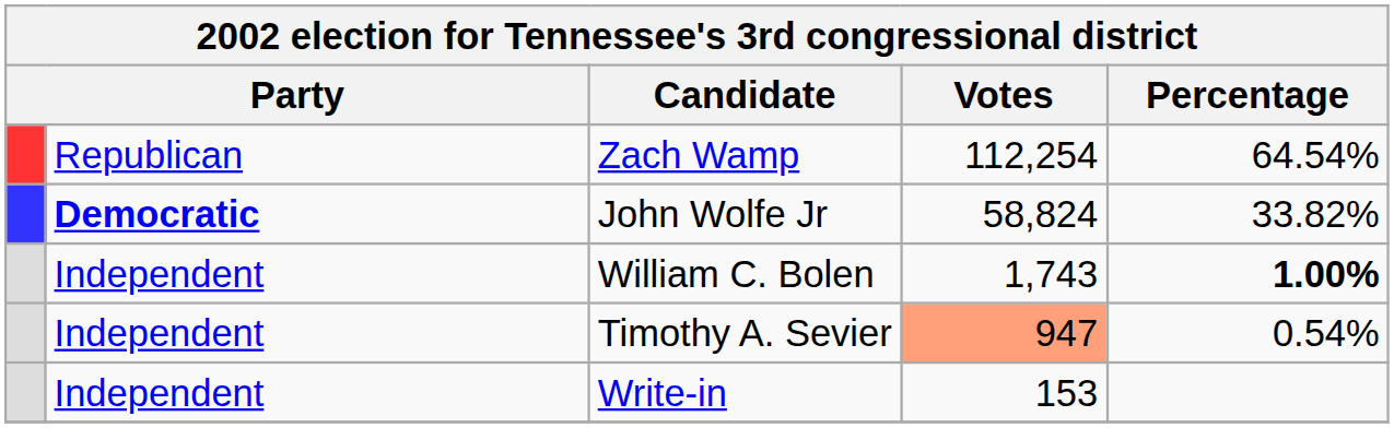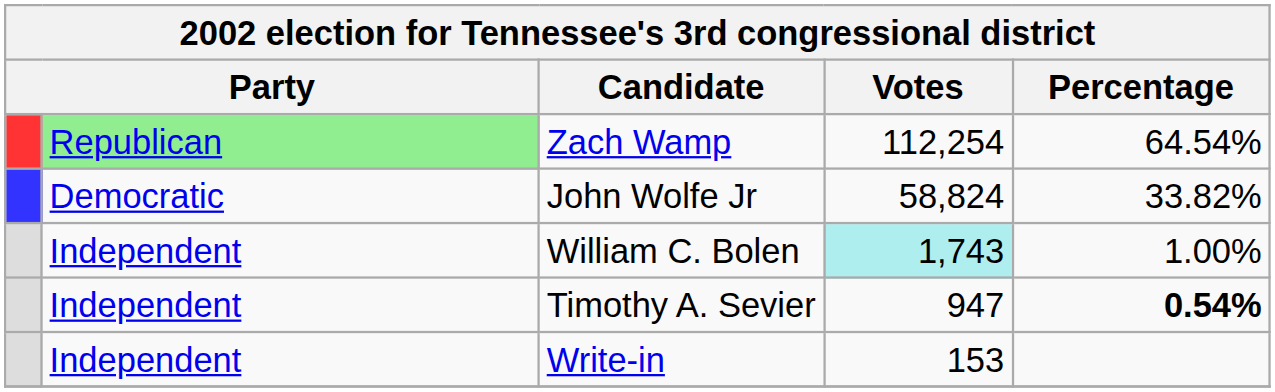 <table class="wikitable" style="font-size: 95%;">
 <tr>
 <th colspan="7">2002 election for Tennessee's 3rd congressional district</th>
 </tr>
 <tr>
 <th colspan=2 style="width: 15em">Party</th>
 <th>Candidate</th>
 <th style="width: 5em">Votes</th>
 <th style="width: 7em">Percentage</th>
 </tr>
 <tr>
 <th style="background-color:#FF3333; width: 3px"></th>
-<td style="width: 130px"><a href='#'>Republican</a></td>
+<td style="background: lightgreen; width: 130px"><a href='#'>Republican</a></td>
 <td><a href='#'>Zach Wamp</a></td>
 <td align="right">112,254</td>
 <td align="right">64.54%</td>
 </tr>
 <tr>
 <th style="background-color:#3333FF; width: 3px"></th>
-<td style="width: 130px"><strong><a href='#'>Democratic</a></strong></td>
+<td style="width: 130px"><a href='#'>Democratic</a></td>
 <td>John Wolfe Jr</td>
 <td align="right">58,824</td>
 <td align="right">33.82%</td>
 </tr>
 <tr>
 <th style="background-color:#DDDDDD; width: 3px"></th>
 <td style="width: 130px"><a href='#'>Independent</a></td>
 <td>William C. Bolen</td>
-<td align="right">1,743</td>
-<td align="right"><strong>1.00%</strong></td>
+<td align="right" style="background: paleturquoise;">1,743</td>
+<td align="right">1.00%</td>
 </tr>
 <tr>
 <th style="background-color:#DDDDDD; width: 3px"></th>
 <td style="width: 130px"><a href='#'>Independent</a></td>
 <td>Timothy A. Sevier</td>
-<td align="right" style="background: lightsalmon;">947</td>
-<td align="right">0.54%</td>
+<td align="right">947</td>
+<td align="right"><strong>0.54%</strong></td>
 </tr>
 <tr>
 <th style="background-color:#DDDDDD; width: 3px"></th>
 <td style="width: 130px"><a href='#'>Independent</a></td>
 <td><a href='#'>Write-in</a></td>
 <td align="right">153</td>
 <td align="right"></td>
 </tr>
 <tr>
 </tr>
 </table>
